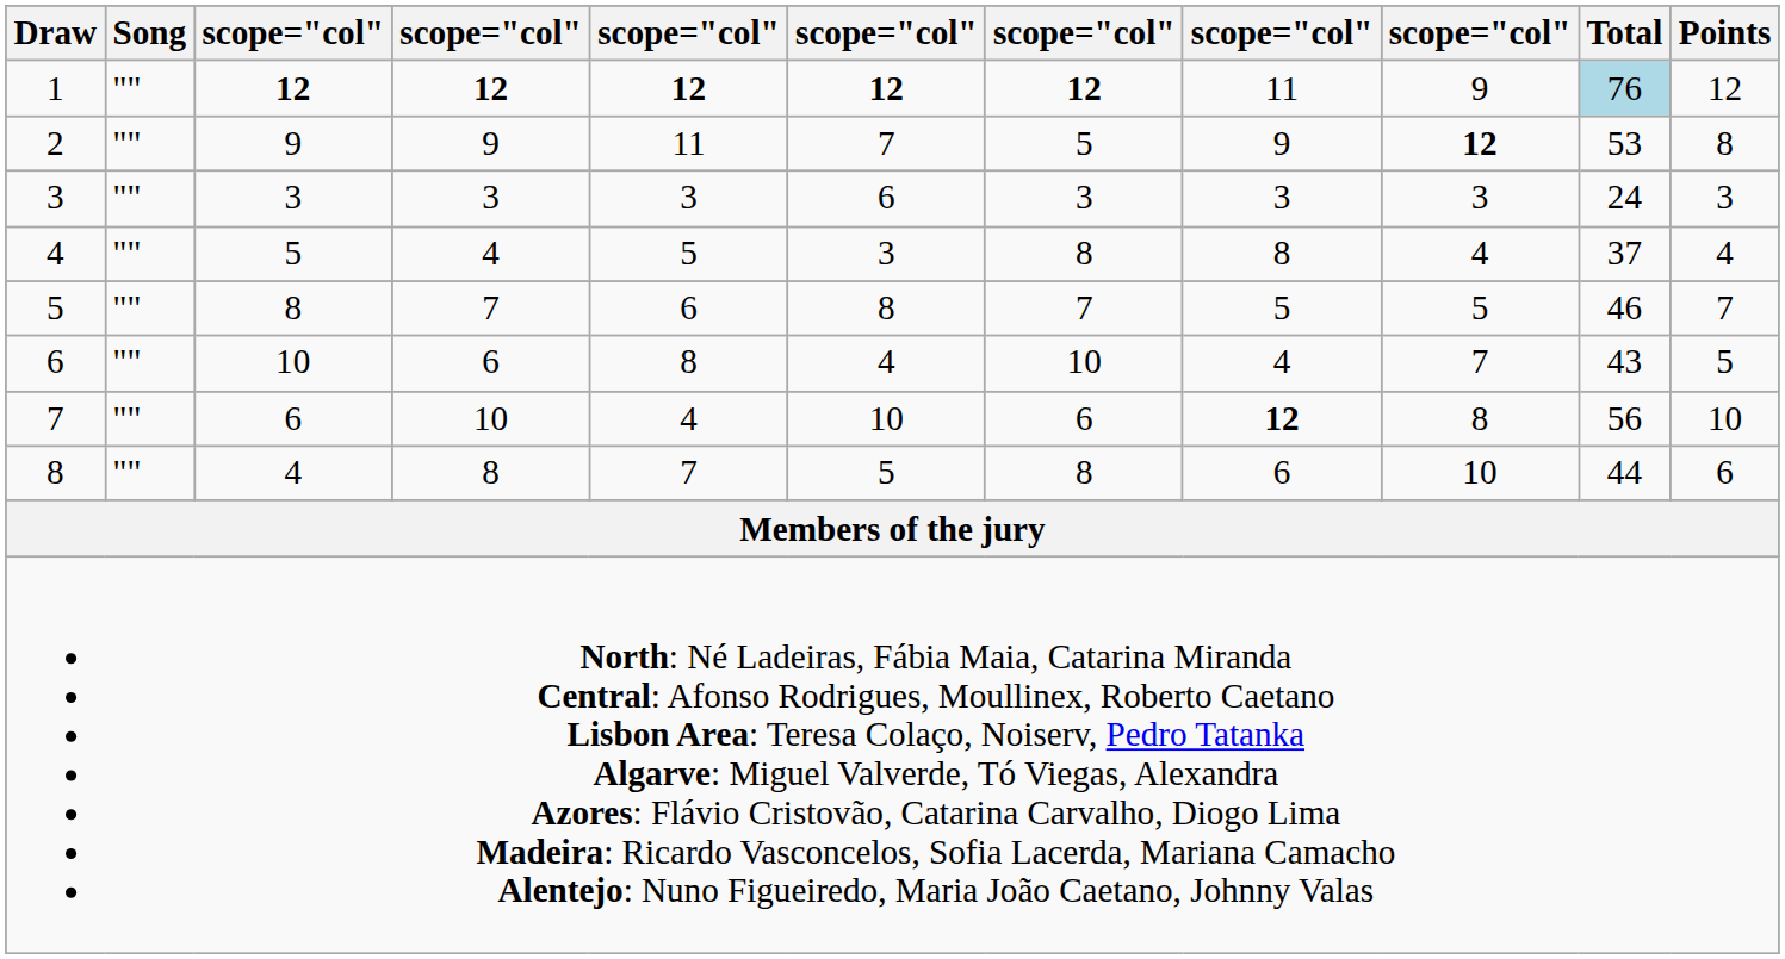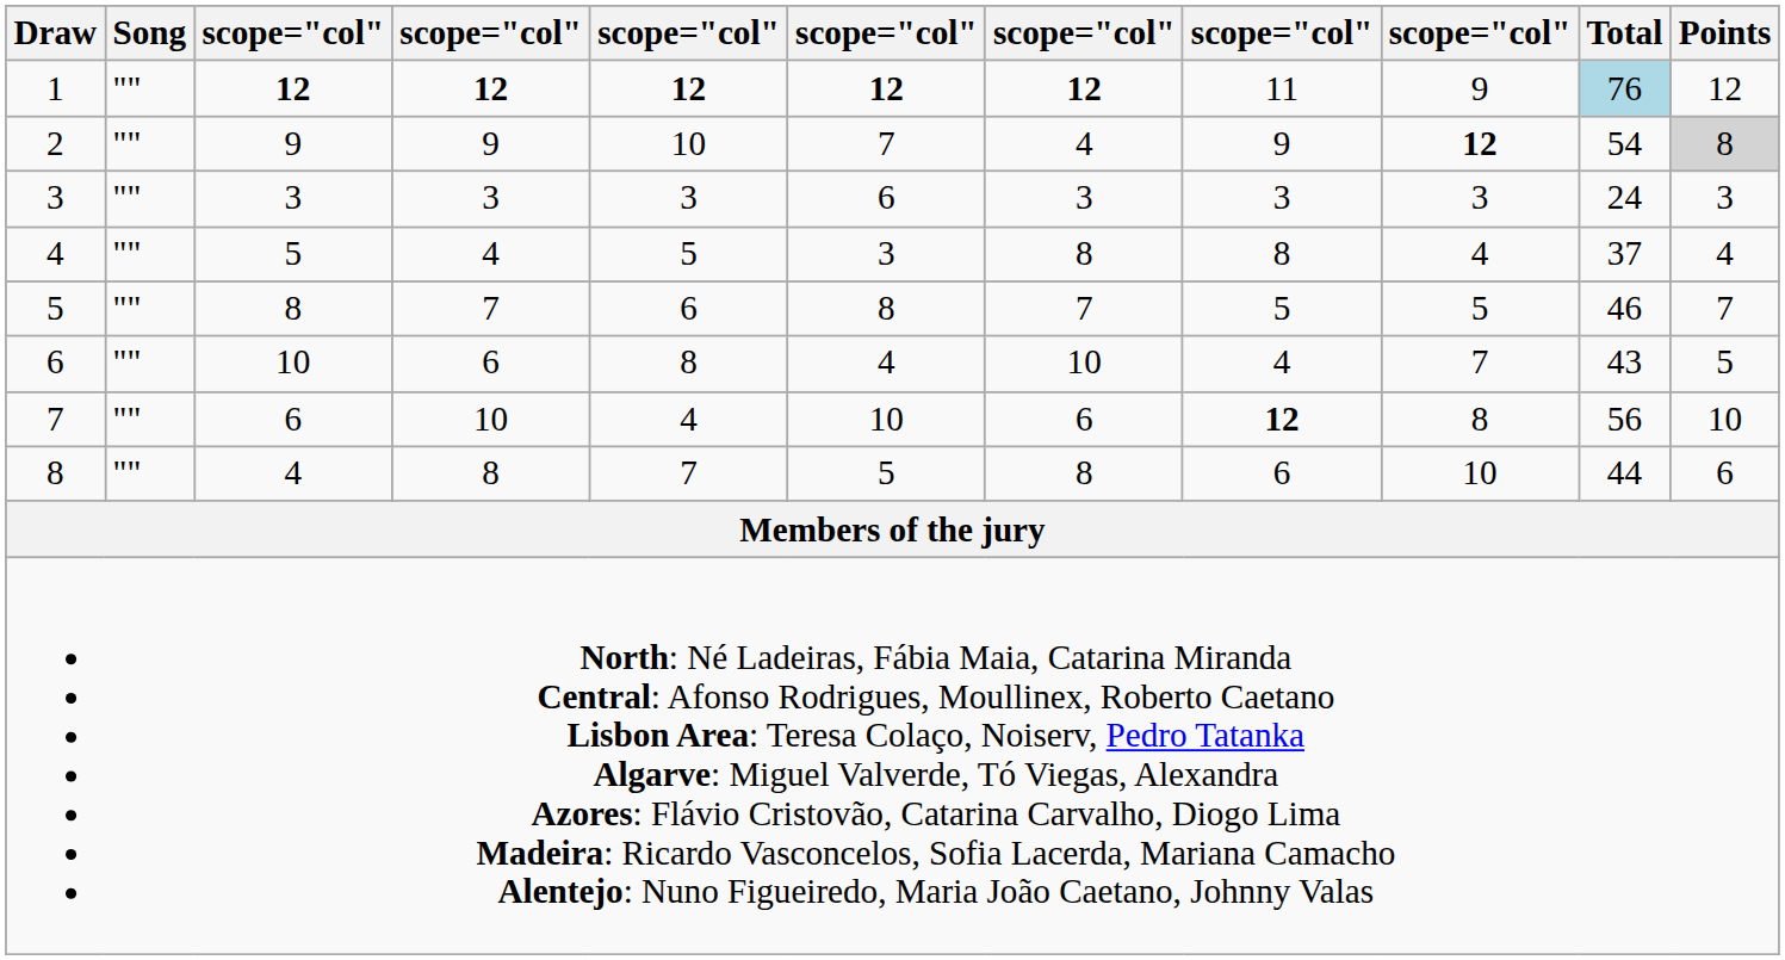 <table class="wikitable collapsible" style="margin: 1em auto 1em auto; text-align:center;">
 <tr>
 <th>Draw</th>
 <th>Song</th>
 <th>scope="col" </th>
 <th>scope="col" </th>
 <th>scope="col" </th>
 <th>scope="col" </th>
 <th>scope="col" </th>
 <th>scope="col" </th>
 <th>scope="col" </th>
 <th>Total</th>
 <th>Points</th>
 </tr>
 <tr>
 <td>1</td>
 <td align="left">""</td>
 <td><strong>12</strong></td>
 <td><strong>12</strong></td>
 <td><strong>12</strong></td>
 <td><strong>12</strong></td>
 <td><strong>12</strong></td>
 <td>11</td>
 <td>9</td>
 <td style="background: lightblue;">76</td>
 <td>12</td>
 </tr>
 <tr>
 <td>2</td>
 <td align="left">""</td>
 <td>9</td>
 <td>9</td>
-<td>11</td>
+<td>10</td>
 <td>7</td>
-<td>5</td>
+<td>4</td>
 <td>9</td>
 <td><strong>12</strong></td>
-<td>53</td>
-<td>8</td>
+<td>54</td>
+<td style="background: lightgrey;">8</td>
 </tr>
 <tr>
 <td>3</td>
 <td align="left">""</td>
 <td>3</td>
 <td>3</td>
 <td>3</td>
 <td>6</td>
 <td>3</td>
 <td>3</td>
 <td>3</td>
 <td>24</td>
 <td>3</td>
 </tr>
 <tr>
 <td>4</td>
 <td align="left">""</td>
 <td>5</td>
 <td>4</td>
 <td>5</td>
 <td>3</td>
 <td>8</td>
 <td>8</td>
 <td>4</td>
 <td>37</td>
 <td>4</td>
 </tr>
 <tr>
 <td>5</td>
 <td align="left">""</td>
 <td>8</td>
 <td>7</td>
 <td>6</td>
 <td>8</td>
 <td>7</td>
 <td>5</td>
 <td>5</td>
 <td>46</td>
 <td>7</td>
 </tr>
 <tr>
 <td>6</td>
 <td align="left">""</td>
 <td>10</td>
 <td>6</td>
 <td>8</td>
 <td>4</td>
 <td>10</td>
 <td>4</td>
 <td>7</td>
 <td>43</td>
 <td>5</td>
 </tr>
 <tr>
 <td>7</td>
 <td align="left">""</td>
 <td>6</td>
 <td>10</td>
 <td>4</td>
 <td>10</td>
 <td>6</td>
 <td><strong>12</strong></td>
 <td>8</td>
 <td>56</td>
 <td>10</td>
 </tr>
 <tr>
 <td>8</td>
 <td align="left">""</td>
 <td>4</td>
 <td>8</td>
 <td>7</td>
 <td>5</td>
 <td>8</td>
 <td>6</td>
 <td>10</td>
 <td>44</td>
 <td>6</td>
 </tr>
 <tr>
 <th colspan="11">Members of the jury</th>
 </tr>
 <tr>
 <td colspan="11"><br><ul><li><strong>North</strong>: Né Ladeiras, Fábia Maia, Catarina Miranda</li><li><strong>Central</strong>: Afonso Rodrigues, Moullinex, Roberto Caetano</li><li><strong>Lisbon Area</strong>: Teresa Colaço, Noiserv, <a href='#'>Pedro Tatanka</a></li><li><strong>Algarve</strong>: Miguel Valverde, Tó Viegas, Alexandra</li><li><strong>Azores</strong>: Flávio Cristovão, Catarina Carvalho, Diogo Lima</li><li><strong>Madeira</strong>: Ricardo Vasconcelos, Sofia Lacerda, Mariana Camacho</li><li><strong>Alentejo</strong>: Nuno Figueiredo, Maria João Caetano, Johnny Valas</li></ul></td>
 </tr>
 </table>
